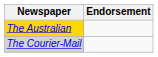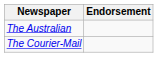 <table class="wikitable">
 <tr>
 <th>Newspaper</th>
 <th colspan="2">Endorsement</th>
 </tr>
 <tr>
-<td style="background: gold;"><em><a href='#'>The Australian</a></em></td>
+<td><em><a href='#'>The Australian</a></em></td>
 <td></td>
 </tr>
 <tr>
-<td style="background: lightgrey;"><em><a href='#'>The Courier-Mail</a></em></td>
+<td><em><a href='#'>The Courier-Mail</a></em></td>
 <td></td>
 </tr>
 </table>
